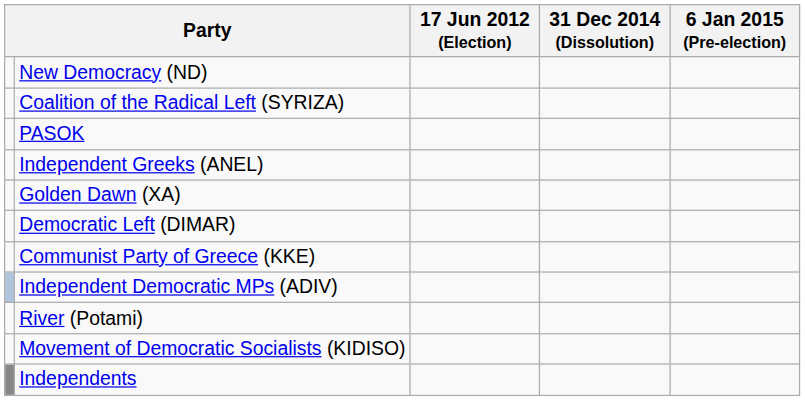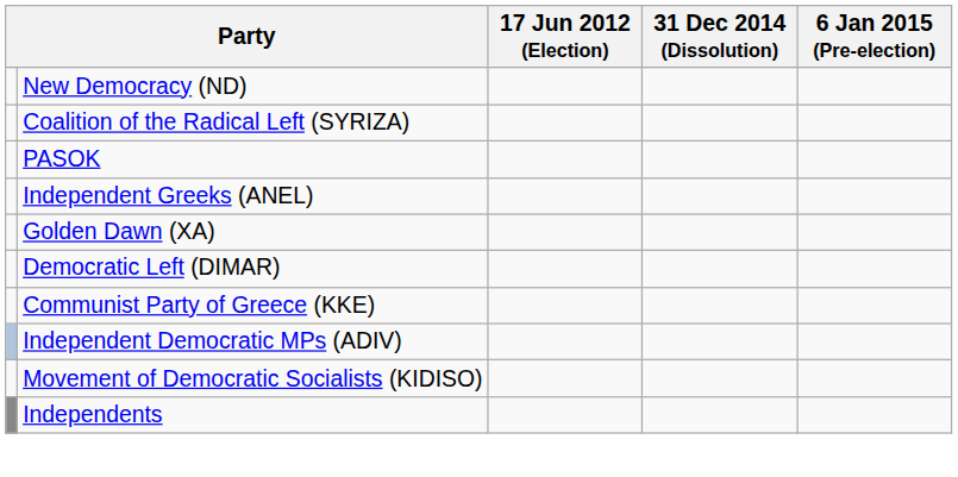 <table class="wikitable" style="text-align:center; font-size:100%; margin-bottom:0">
 <tr bgcolor="#E9E9E9">
 <th align="left" colspan="2" width="300">Party</th>
 <th width="100">17 Jun 2012<br><small>(Election)</small></th>
 <th width="100">31 Dec 2014<br><small>(Dissolution)</small></th>
 <th width="100">6 Jan 2015<br><small>(Pre-election)</small></th>
 </tr>
 <tr>
 <td width="1"></td>
 <td align="left"><a href='#'>New Democracy</a> (ND)</td>
 <td></td>
 <td></td>
 <td></td>
 </tr>
 <tr>
 <td></td>
 <td align="left"><a href='#'>Coalition of the Radical Left</a> (SYRIZA)</td>
 <td></td>
 <td></td>
 <td></td>
 </tr>
 <tr>
 <td></td>
 <td align="left"><a href='#'>PASOK</a></td>
 <td></td>
 <td></td>
 <td></td>
 </tr>
 <tr>
 <td></td>
 <td align="left"><a href='#'>Independent Greeks</a> (ANEL)</td>
 <td></td>
 <td></td>
 <td></td>
 </tr>
 <tr>
 <td></td>
 <td align="left"><a href='#'>Golden Dawn</a> (ΧΑ)</td>
 <td></td>
 <td></td>
 <td></td>
 </tr>
 <tr>
 <td></td>
 <td align="left"><a href='#'>Democratic Left</a> (DIMAR)</td>
 <td></td>
 <td></td>
 <td></td>
 </tr>
 <tr>
 <td></td>
 <td align="left"><a href='#'>Communist Party of Greece</a> (KKE)</td>
 <td></td>
 <td></td>
 <td></td>
 </tr>
 <tr>
 <td bgcolor="#B0C4DE"></td>
 <td align="left"><a href='#'>Independent Democratic MPs</a> (ADIV)</td>
 <td></td>
 <td></td>
 <td></td>
 </tr>
 <tr>
 <td></td>
-<td align="left"><a href='#'>River</a> (Potami)</td>
-<td></td>
-<td></td>
-<td></td>
-</tr>
-<tr>
-<td></td>
 <td align="left"><a href='#'>Movement of Democratic Socialists</a> (KIDISO)</td>
 <td></td>
 <td></td>
 <td></td>
 </tr>
 <tr>
 <td bgcolor="#878787"></td>
 <td align="left"><a href='#'>Independents</a></td>
 <td></td>
 <td></td>
 <td></td>
 </tr>
 </table>
